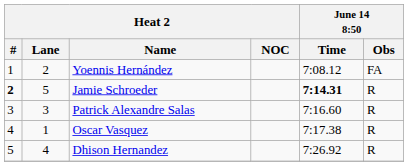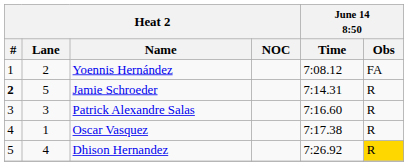 <table class="wikitable" width=500>
 <tr>
 <th colspan=4>Heat 2</th>
 <th colspan=2><small>June 14<br>8:50</small></th>
 </tr>
 <tr>
 <th>#</th>
 <th>Lane</th>
 <th>Name</th>
 <th>NOC</th>
 <th>Time</th>
 <th>Obs</th>
 </tr>
 <tr>
 <td>1</td>
 <td align=center>2</td>
 <td><a href='#'>Yoennis Hernández</a></td>
 <td></td>
 <td>7:08.12</td>
 <td>FA</td>
 </tr>
 <tr>
 <td><strong>2</strong></td>
 <td align=center>5</td>
 <td><a href='#'>Jamie Schroeder</a></td>
 <td></td>
-<td><strong>7:14.31</strong></td>
+<td>7:14.31</td>
 <td>R</td>
 </tr>
 <tr>
 <td>3</td>
 <td align=center>3</td>
 <td><a href='#'>Patrick Alexandre Salas</a></td>
 <td></td>
 <td>7:16.60</td>
 <td>R</td>
 </tr>
 <tr>
 <td>4</td>
 <td align=center>1</td>
 <td><a href='#'>Oscar Vasquez</a></td>
 <td></td>
 <td>7:17.38</td>
 <td>R</td>
 </tr>
 <tr>
 <td>5</td>
 <td align=center>4</td>
 <td><a href='#'>Dhison Hernandez</a></td>
 <td></td>
 <td>7:26.92</td>
-<td>R</td>
+<td style="background: gold;">R</td>
 </tr>
 <tr>
 </tr>
 </table>
